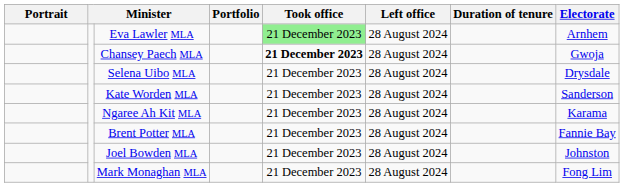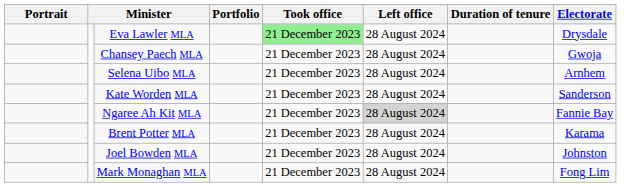 <table class="wikitable sortable" style="border:#555; text-align:center; ">
 <tr>
 <th class="unsortable" style="width:100px;">Portrait</th>
 <th colspan="2" class="unsortable" style="width:5px;">Minister</th>
 <th>Portfolio</th>
 <th>Took office</th>
 <th>Left office</th>
 <th>Duration of tenure</th>
 <th><a href='#'>Electorate</a></th>
 </tr>
 <tr>
 <td></td>
 <td rowspan="8" style="background-color: "></td>
 <td><a href='#'>Eva Lawler</a> <small><a href='#'>MLA</a></small></td>
 <td></td>
 <td style="background: lightgreen;">21 December 2023</td>
 <td>28 August 2024</td>
 <td></td>
-<td><a href='#'>Arnhem</a></td>
+<td><a href='#'>Drysdale</a></td>
 </tr>
 <tr>
 <td></td>
 <td><a href='#'>Chansey Paech</a> <small><a href='#'>MLA</a></small></td>
 <td></td>
-<td><strong>21 December 2023</strong></td>
+<td>21 December 2023</td>
 <td>28 August 2024</td>
 <td></td>
 <td><a href='#'>Gwoja</a></td>
 </tr>
 <tr>
 <td></td>
 <td><a href='#'>Selena Uibo</a> <small><a href='#'>MLA</a></small></td>
 <td></td>
 <td>21 December 2023</td>
 <td>28 August 2024</td>
 <td></td>
-<td><a href='#'>Drysdale</a></td>
+<td><a href='#'>Arnhem</a></td>
 </tr>
 <tr>
 <td></td>
 <td><a href='#'>Kate Worden</a> <small><a href='#'>MLA</a></small></td>
 <td></td>
 <td>21 December 2023</td>
 <td>28 August 2024</td>
 <td></td>
 <td><a href='#'>Sanderson</a></td>
 </tr>
 <tr>
 <td></td>
 <td><a href='#'>Ngaree Ah Kit</a> <small><a href='#'>MLA</a></small></td>
 <td></td>
 <td>21 December 2023</td>
-<td>28 August 2024</td>
+<td style="background: lightgrey;">28 August 2024</td>
 <td></td>
-<td><a href='#'>Karama</a></td>
+<td><a href='#'>Fannie Bay</a></td>
 </tr>
 <tr>
 <td></td>
 <td><a href='#'>Brent Potter</a> <small><a href='#'>MLA</a></small></td>
 <td></td>
 <td>21 December 2023</td>
 <td>28 August 2024</td>
 <td></td>
-<td><a href='#'>Fannie Bay</a></td>
+<td><a href='#'>Karama</a></td>
 </tr>
 <tr>
 <td></td>
 <td><a href='#'>Joel Bowden</a> <small><a href='#'>MLA</a></small></td>
 <td></td>
 <td>21 December 2023</td>
 <td>28 August 2024</td>
 <td></td>
 <td><a href='#'>Johnston</a></td>
 </tr>
 <tr>
 <td></td>
 <td><a href='#'>Mark Monaghan</a> <small><a href='#'>MLA</a></small></td>
 <td></td>
 <td>21 December 2023</td>
 <td>28 August 2024</td>
 <td></td>
 <td><a href='#'>Fong Lim</a></td>
 </tr>
 </table>
